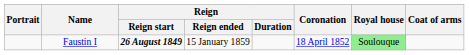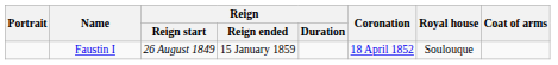 <table class="wikitable" style="text-align:center;">
 <tr>
 <th rowspan="2">Portrait</th>
 <th rowspan="2" width="120">Name<br></th>
 <th colspan="3">Reign</th>
 <th rowspan="2">Coronation</th>
 <th rowspan="2">Royal house</th>
 <th rowspan="2">Coat of arms</th>
 </tr>
 <tr>
 <th>Reign start</th>
 <th>Reign ended</th>
 <th>Duration</th>
 </tr>
 <tr>
 <td></td>
 <td><a href='#'>Faustin I</a><br></td>
-<td><strong><em>26 August 1849</em></strong></td>
+<td><em>26 August 1849</em></td>
 <td>15 January 1859</td>
 <td></td>
 <td><a href='#'>18 April 1852</a></td>
-<td style="background: lightgreen;">Soulouque</td>
+<td>Soulouque</td>
 <td></td>
 </tr>
 </table>
